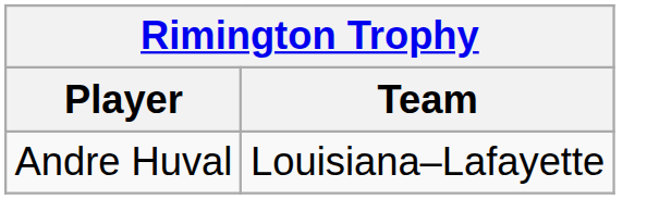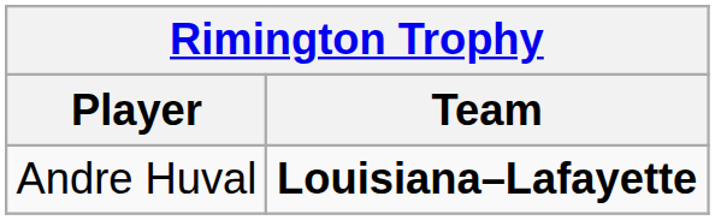 <table class="wikitable" style="text-align: center;">
 <tr>
 <th colspan="2"><strong><a href='#'>Rimington Trophy</a></strong></th>
 </tr>
 <tr>
 <th>Player</th>
 <th>Team</th>
 </tr>
 <tr>
 <td>Andre Huval</td>
-<td>Louisiana–Lafayette</td>
+<td><strong>Louisiana–Lafayette</strong></td>
 </tr>
 </table>
